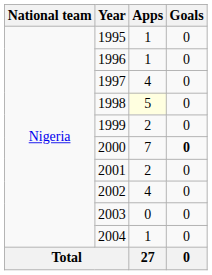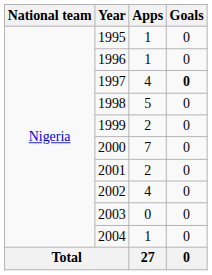 <table class="wikitable" style="text-align:center">
 <tr>
 <th>National team</th>
 <th>Year</th>
 <th>Apps</th>
 <th>Goals</th>
 </tr>
 <tr>
 <td rowspan="10"><a href='#'>Nigeria</a></td>
 <td>1995</td>
 <td>1</td>
 <td>0</td>
 </tr>
 <tr>
 <td>1996</td>
 <td>1</td>
 <td>0</td>
 </tr>
 <tr>
 <td>1997</td>
 <td>4</td>
-<td>0</td>
+<td><strong>0</strong></td>
 </tr>
 <tr>
 <td>1998</td>
-<td style="background: lightyellow;">5</td>
+<td>5</td>
 <td>0</td>
 </tr>
 <tr>
 <td>1999</td>
 <td>2</td>
 <td>0</td>
 </tr>
 <tr>
 <td>2000</td>
 <td>7</td>
-<td><strong>0</strong></td>
+<td>0</td>
 </tr>
 <tr>
 <td>2001</td>
 <td>2</td>
 <td>0</td>
 </tr>
 <tr>
 <td>2002</td>
 <td>4</td>
 <td>0</td>
 </tr>
 <tr>
 <td>2003</td>
 <td>0</td>
 <td>0</td>
 </tr>
 <tr>
 <td>2004</td>
 <td>1</td>
 <td>0</td>
 </tr>
 <tr>
 <th colspan="2">Total</th>
 <th>27</th>
 <th>0</th>
 </tr>
 </table>
